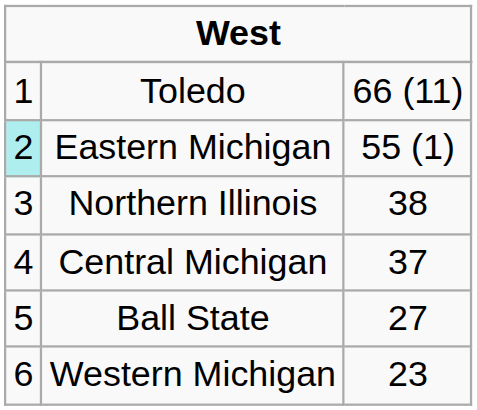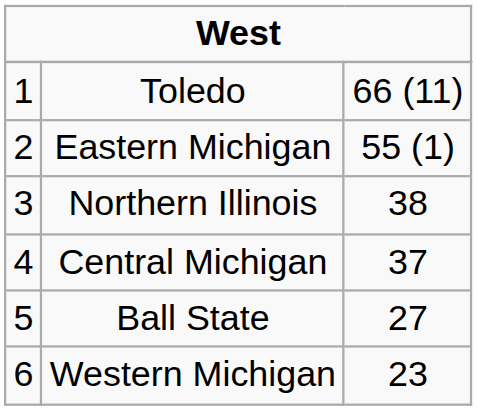 <table class="wikitable" style="display: inline-table;">
 <tr align="center">
 <td align="center" Colspan="3"><strong>West</strong></td>
 </tr>
 <tr align="center">
 </tr>
 <tr align="center">
 <td>1</td>
 <td>Toledo</td>
 <td>66 (11)</td>
 </tr>
 <tr align="center">
-<td style="background: paleturquoise;">2</td>
+<td>2</td>
 <td>Eastern Michigan</td>
 <td>55 (1)</td>
 </tr>
 <tr align="center">
 <td>3</td>
 <td>Northern Illinois</td>
 <td>38</td>
 </tr>
 <tr align="center">
 <td>4</td>
 <td>Central Michigan</td>
 <td>37</td>
 </tr>
 <tr align="center">
 <td>5</td>
 <td>Ball State</td>
 <td>27</td>
 </tr>
 <tr align="center">
 <td>6</td>
 <td>Western Michigan</td>
 <td>23</td>
 </tr>
 </table>
